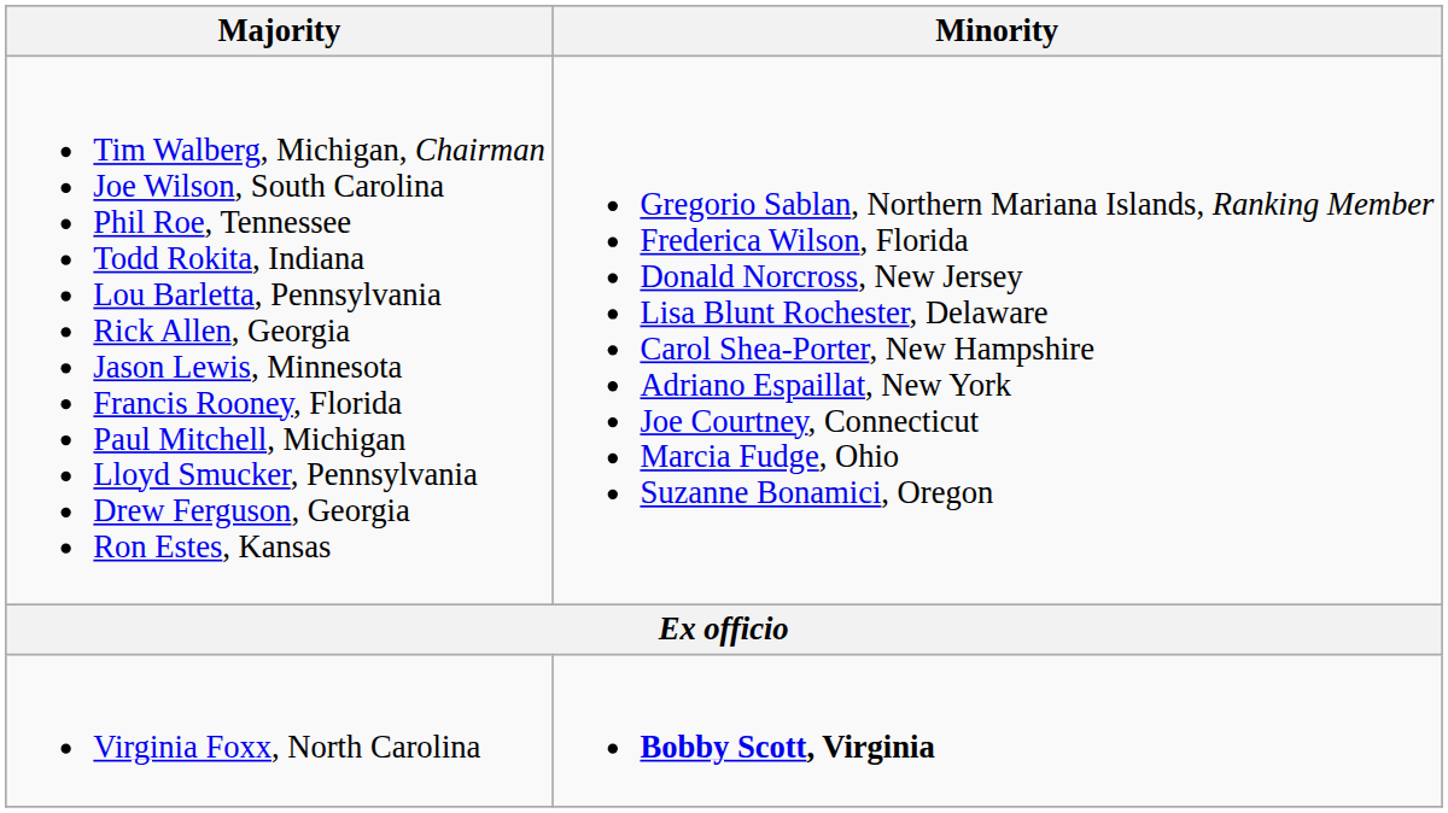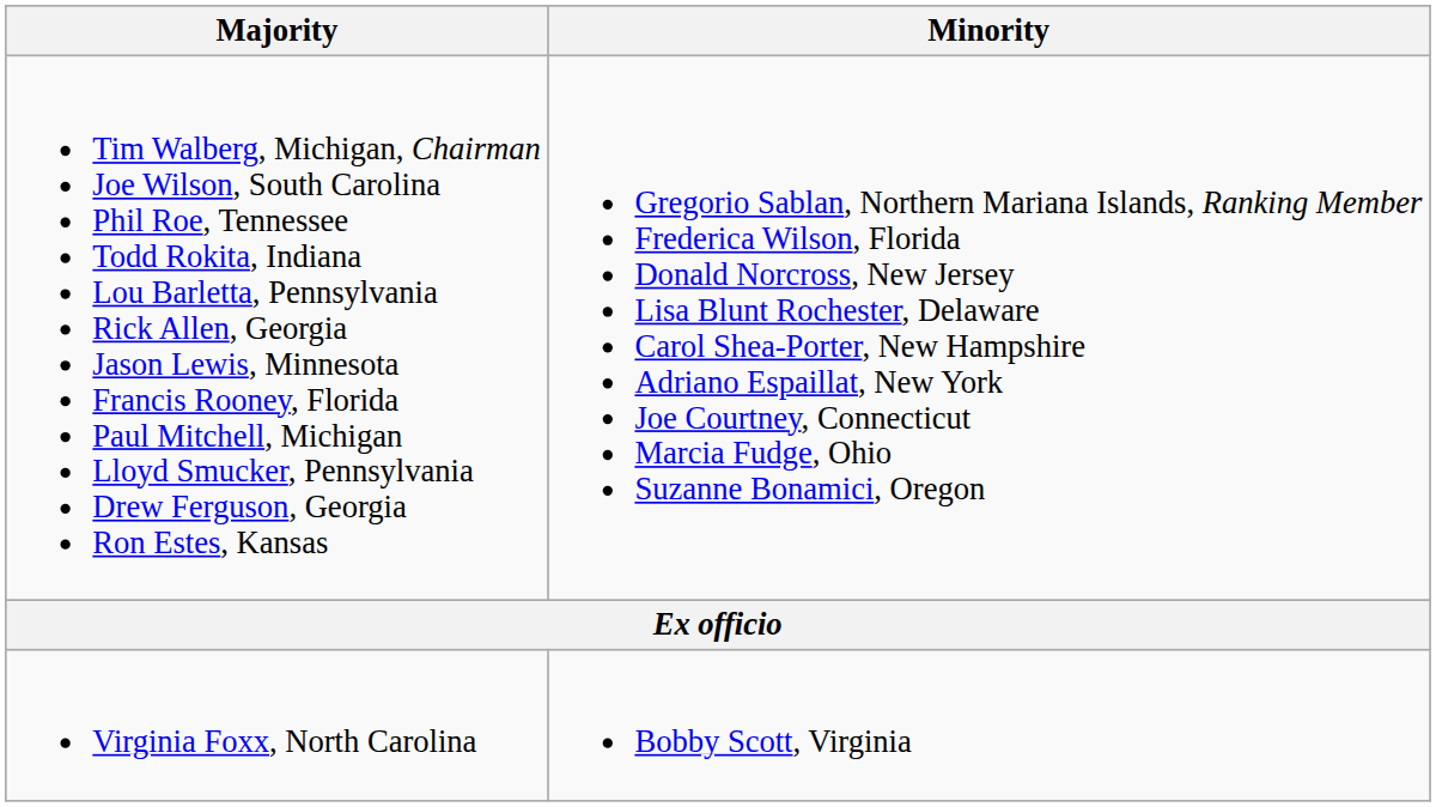 <table class=wikitable>
 <tr>
 <th>Majority</th>
 <th>Minority</th>
 </tr>
 <tr>
 <td><br><ul><li><a href='#'>Tim Walberg</a>, Michigan, <em>Chairman</em></li><li><a href='#'>Joe Wilson</a>, South Carolina</li><li><a href='#'>Phil Roe</a>, Tennessee</li><li><a href='#'>Todd Rokita</a>, Indiana</li><li><a href='#'>Lou Barletta</a>, Pennsylvania</li><li><a href='#'>Rick Allen</a>, Georgia</li><li><a href='#'>Jason Lewis</a>, Minnesota</li><li><a href='#'>Francis Rooney</a>, Florida</li><li><a href='#'>Paul Mitchell</a>, Michigan</li><li><a href='#'>Lloyd Smucker</a>, Pennsylvania</li><li><a href='#'>Drew Ferguson</a>, Georgia</li><li><a href='#'>Ron Estes</a>, Kansas</li></ul></td>
 <td><br><ul><li><span><a href='#'>Gregorio Sablan</a>, Northern Mariana Islands, <em>Ranking Member</em></span></li><li><a href='#'>Frederica Wilson</a>, Florida</li><li><a href='#'>Donald Norcross</a>, New Jersey</li><li><a href='#'>Lisa Blunt Rochester</a>, Delaware</li><li><a href='#'>Carol Shea-Porter</a>, New Hampshire</li><li><a href='#'>Adriano Espaillat</a>, New York</li><li><a href='#'>Joe Courtney</a>, Connecticut</li><li><a href='#'>Marcia Fudge</a>, Ohio</li><li><a href='#'>Suzanne Bonamici</a>, Oregon</li></ul></td>
 </tr>
 <tr>
 <th colspan=2><em>Ex officio</em></th>
 </tr>
 <tr>
 <td><br><ul><li><a href='#'>Virginia Foxx</a>, North Carolina</li></ul></td>
-<td><strong><br><ul><li><a href='#'>Bobby Scott</a>, Virginia</li></ul></strong></td>
+<td><br><ul><li><a href='#'>Bobby Scott</a>, Virginia</li></ul></td>
 </tr>
 </table>
